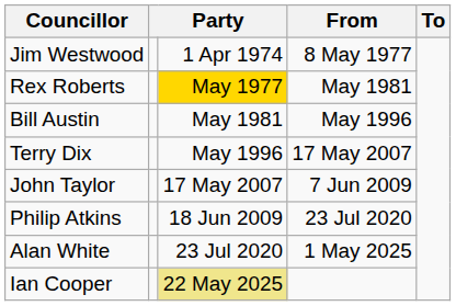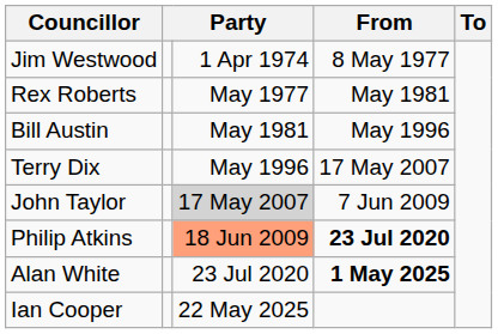 <table class=wikitable>
 <tr>
 <th>Councillor</th>
 <th colspan=2>Party</th>
 <th>From</th>
 <th>To</th>
 </tr>
 <tr>
 <td>Jim Westwood</td>
 <td></td>
 <td align=right>1 Apr 1974</td>
 <td align=right>8 May 1977</td>
 </tr>
 <tr>
 <td>Rex Roberts</td>
 <td></td>
-<td align=right style="background: gold;">May 1977</td>
+<td align=right>May 1977</td>
 <td align=right>May 1981</td>
 </tr>
 <tr>
 <td>Bill Austin</td>
 <td></td>
 <td align=right>May 1981</td>
 <td align=right>May 1996</td>
 </tr>
 <tr>
 <td>Terry Dix</td>
 <td></td>
 <td align=right>May 1996</td>
 <td align=right>17 May 2007</td>
 </tr>
 <tr>
 <td>John Taylor</td>
 <td></td>
-<td align=right>17 May 2007</td>
+<td align=right style="background: lightgrey;">17 May 2007</td>
 <td align=right>7 Jun 2009</td>
 </tr>
 <tr>
 <td>Philip Atkins</td>
 <td></td>
-<td align=right>18 Jun 2009</td>
-<td align=right>23 Jul 2020</td>
+<td align=right style="background: lightsalmon;">18 Jun 2009</td>
+<td align=right><strong>23 Jul 2020</strong></td>
 </tr>
 <tr>
 <td>Alan White</td>
 <td></td>
 <td align=right>23 Jul 2020</td>
-<td align=right>1 May 2025</td>
+<td align=right><strong>1 May 2025</strong></td>
 </tr>
 <tr>
 <td>Ian Cooper</td>
 <td></td>
-<td align=right style="background: khaki;">22 May 2025</td>
+<td align=right>22 May 2025</td>
 <td align=right></td>
 </tr>
 </table>
